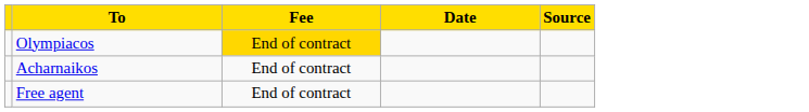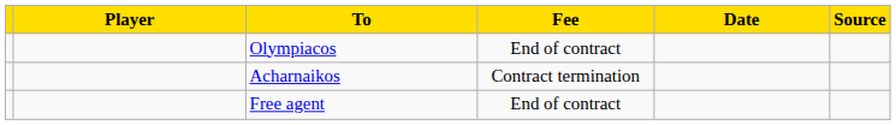 <table class="wikitable sortable">
 <tr>
 <th style="background:#FFDE00"></th>
+<th width=200 style="background:#FFDE00">Player</th>
 <th width=200 style="background:#FFDE00">To</th>
 <th width=150 style="background:#FFDE00">Fee</th>
 <th width=150 style="background:#FFDE00">Date</th>
 <th style="background:#FFDE00">Source</th>
 </tr>
 <tr>
 <td align=center></td>
+<td></td>
 <td> <a href='#'>Olympiacos</a></td>
-<td align=center style="background: gold;">End of contract</td>
-<td align=center></td>
-<td align=center></td>
-</tr>
-<tr>
-<td align=center></td>
-<td> <a href='#'>Acharnaikos</a></td>
 <td align=center>End of contract</td>
 <td align=center></td>
 <td align=center></td>
 </tr>
 <tr>
 <td align=center></td>
+<td></td>
+<td> <a href='#'>Acharnaikos</a></td>
+<td align=center>Contract termination</td>
+<td align=center></td>
+<td align=center></td>
+</tr>
+<tr>
+<td align=center></td>
+<td></td>
 <td><a href='#'>Free agent</a></td>
 <td align=center>End of contract</td>
 <td align=center></td>
 <td align=center></td>
 </tr>
 </table>
